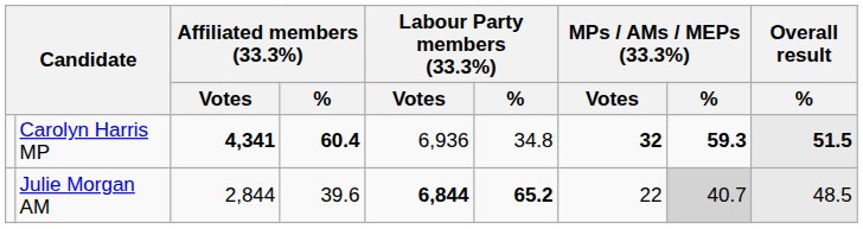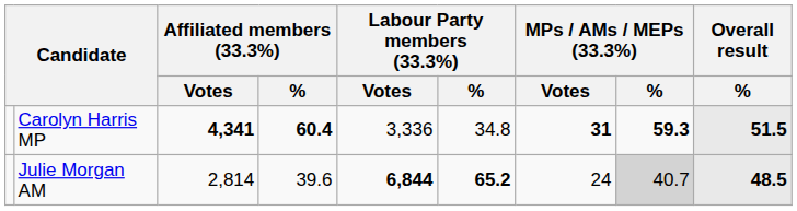 <table class="wikitable" style="font-size: 90%;">
 <tr>
 <th colspan="2" scope="col" rowspan="2" style="width:125px;">Candidate</th>
 <th scope="col" colspan="2" style="width:150px;">Affiliated members <br> (33.3%)</th>
 <th scope="col" colspan="2" style="width:150px;">Labour Party members <br> (33.3%)</th>
 <th scope="col" colspan="2" style="width:150px;">MPs / AMs / MEPs<br> (33.3%)</th>
 <th scope="col" colspan="2" style="width:75px;">Overall result</th>
 </tr>
 <tr>
 <th>Votes</th>
 <th>%</th>
 <th>Votes</th>
 <th>%</th>
 <th>Votes</th>
 <th>%</th>
 <th>%</th>
 </tr>
 <tr style="text-align:right;">
 <td style="background-color: "></td>
 <td scope="row" style="text-align:left;"><a href='#'>Carolyn Harris</a> MP</td>
 <td><strong>4,341</strong></td>
 <td><strong>60.4</strong></td>
-<td>6,936</td>
+<td>3,336</td>
 <td>34.8</td>
-<td><strong>32</strong></td>
+<td><strong>31</strong></td>
 <td><strong>59.3</strong></td>
 <td style="background:#e9e9e9;"><strong>51.5</strong></td>
 </tr>
 <tr style="text-align:right;">
 <td style="background-color: "></td>
 <td scope="row" style="text-align:left;"><a href='#'>Julie Morgan</a> AM</td>
-<td>2,844</td>
+<td>2,814</td>
 <td>39.6</td>
 <td><strong>6,844</strong></td>
 <td><strong>65.2</strong></td>
-<td>22</td>
+<td>24</td>
 <td style="background: lightgrey;">40.7</td>
-<td style="background:#e9e9e9;">48.5</td>
+<td style="background:#e9e9e9;"><strong>48.5</strong></td>
 </tr>
 </table>
